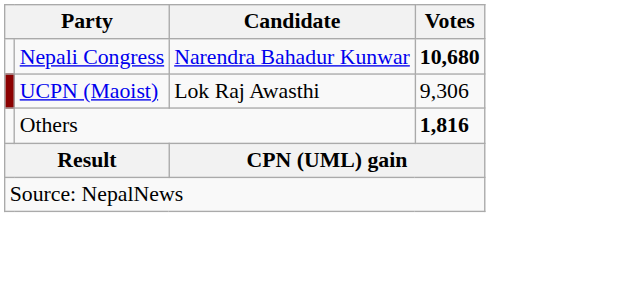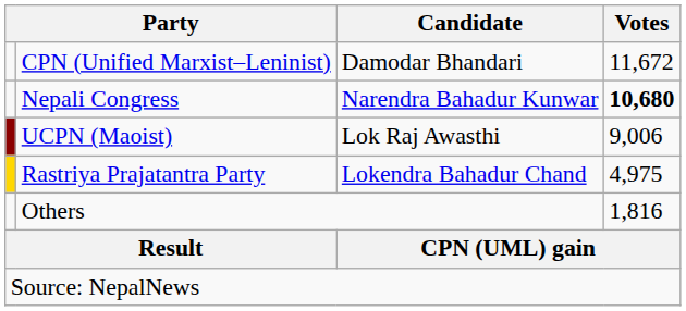 <table class="wikitable">
 <tr>
 <th colspan="2">Party</th>
 <th>Candidate</th>
 <th>Votes</th>
+</tr>
+<tr>
+<td style="background-color:"></td>
+<td><a href='#'>CPN (Unified Marxist–Leninist)</a></td>
+<td>Damodar Bhandari</td>
+<td>11,672</td>
 </tr>
 <tr>
 <td style="background-color:"></td>
 <td><a href='#'>Nepali Congress</a></td>
 <td><a href='#'>Narendra Bahadur Kunwar</a></td>
 <td><strong>10,680</strong></td>
 </tr>
 <tr>
 <td style="background-color:darkred"></td>
 <td><a href='#'>UCPN (Maoist)</a></td>
 <td>Lok Raj Awasthi</td>
-<td>9,306</td>
+<td>9,006</td>
+</tr>
+<tr>
+<td style="background-color:gold"></td>
+<td><a href='#'>Rastriya Prajatantra Party</a></td>
+<td><a href='#'>Lokendra Bahadur Chand</a></td>
+<td>4,975</td>
 </tr>
 <tr>
 <td></td>
 <td colspan="2">Others</td>
-<td><strong>1,816</strong></td>
+<td>1,816</td>
 </tr>
 <tr>
 <th colspan="2">Result</th>
 <th colspan="2">CPN (UML) gain</th>
 </tr>
 <tr>
 <td colspan="4">Source: NepalNews</td>
 </tr>
 </table>
